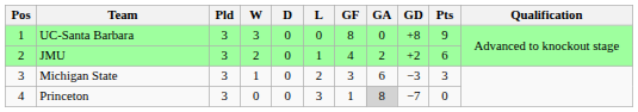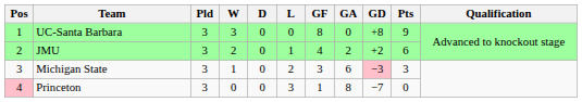 <table class="wikitable" style="text-align:center; margin: 1em auto">
 <tr>
 <th style="width:2em">Pos</th>
 <th style="width:13em">Team</th>
 <th style="width:2em">Pld</th>
 <th style="width:2em">W</th>
 <th style="width:2em">D</th>
 <th style="width:2em">L</th>
 <th style="width:2em">GF</th>
 <th style="width:2em">GA</th>
 <th style="width:2em">GD</th>
 <th style="width:2em">Pts</th>
 <th style="width:13em">Qualification</th>
 </tr>
 <tr bgcolor="#9eff9e">
 <td>1</td>
 <td style="text-align:left">UC-Santa Barbara</td>
 <td>3</td>
 <td>3</td>
 <td>0</td>
 <td>0</td>
 <td>8</td>
 <td>0</td>
 <td>+8</td>
 <td>9</td>
 <td rowspan="2">Advanced to knockout stage</td>
 </tr>
 <tr bgcolor="#9eff9e">
 <td>2</td>
 <td style="text-align:left">JMU</td>
 <td>3</td>
 <td>2</td>
 <td>0</td>
 <td>1</td>
 <td>4</td>
 <td>2</td>
 <td>+2</td>
 <td>6</td>
 </tr>
 <tr>
 <td>3</td>
 <td style="text-align:left">Michigan State</td>
 <td>3</td>
 <td>1</td>
 <td>0</td>
 <td>2</td>
 <td>3</td>
 <td>6</td>
-<td>−3</td>
+<td style="background: pink;">−3</td>
 <td>3</td>
 <td rowspan="2"></td>
 </tr>
 <tr>
-<td>4</td>
+<td style="background: pink;">4</td>
 <td style="text-align:left">Princeton</td>
 <td>3</td>
 <td>0</td>
 <td>0</td>
 <td>3</td>
 <td>1</td>
-<td style="background: lightgrey;">8</td>
+<td>8</td>
 <td>−7</td>
 <td>0</td>
 </tr>
 </table>
